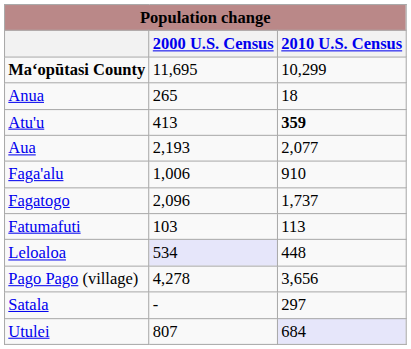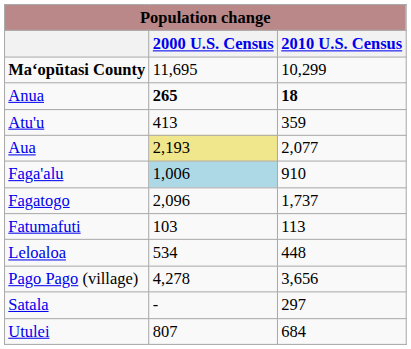 <table class="wikitable">
 <tr>
 <th style="background:#BA8888;" colspan="3">Population change</th>
 </tr>
 <tr>
 <th></th>
 <th><strong><a href='#'>2000 U.S. Census</a></strong></th>
 <th><strong><a href='#'>2010 U.S. Census</a></strong></th>
 </tr>
 <tr>
 <td><strong>Maʻopūtasi County</strong></td>
 <td>11,695</td>
 <td>10,299</td>
 </tr>
 <tr>
 <td><a href='#'>Anua</a></td>
-<td>265</td>
-<td>18</td>
+<td><strong>265</strong></td>
+<td><strong>18</strong></td>
 </tr>
 <tr>
 <td><a href='#'>Atu'u</a></td>
 <td>413</td>
-<td><strong>359</strong></td>
+<td>359</td>
 </tr>
 <tr>
 <td><a href='#'>Aua</a></td>
-<td>2,193</td>
+<td style="background: khaki;">2,193</td>
 <td>2,077</td>
 </tr>
 <tr>
 <td><a href='#'>Faga'alu</a></td>
-<td>1,006</td>
+<td style="background: lightblue;">1,006</td>
 <td>910</td>
 </tr>
 <tr>
 <td><a href='#'>Fagatogo</a></td>
 <td>2,096</td>
 <td>1,737</td>
 </tr>
 <tr>
 <td><a href='#'>Fatumafuti</a></td>
 <td>103</td>
 <td>113</td>
 </tr>
 <tr>
 <td><a href='#'>Leloaloa</a></td>
-<td style="background: lavender;">534</td>
+<td>534</td>
 <td>448</td>
 </tr>
 <tr>
 <td><a href='#'>Pago Pago</a> (village)</td>
 <td>4,278</td>
 <td>3,656</td>
 </tr>
 <tr>
 <td><a href='#'>Satala</a></td>
 <td>-</td>
 <td>297</td>
 </tr>
 <tr>
 <td><a href='#'>Utulei</a></td>
 <td>807</td>
-<td style="background: lavender;">684</td>
+<td>684</td>
 </tr>
 </table>
